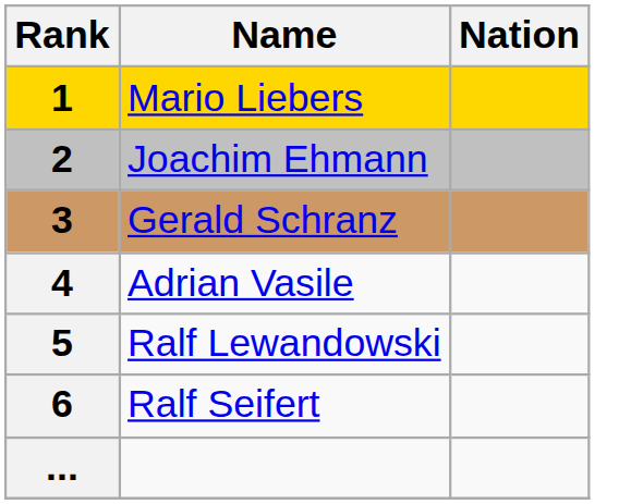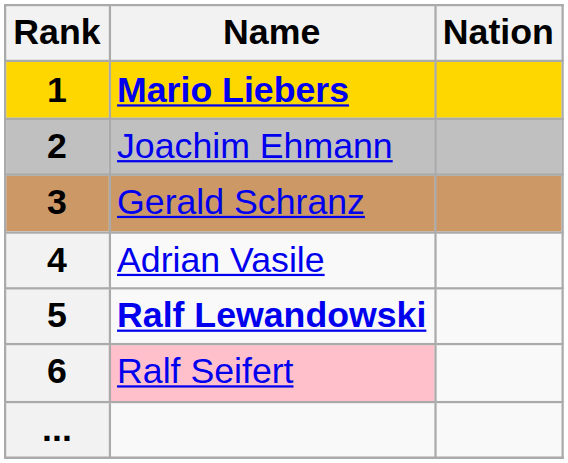 <table class="wikitable">
 <tr>
 <th>Rank</th>
 <th>Name</th>
 <th>Nation</th>
 </tr>
 <tr bgcolor="gold">
 <td align="center"><strong>1</strong></td>
-<td><a href='#'>Mario Liebers</a></td>
+<td><strong><a href='#'>Mario Liebers</a></strong></td>
 <td></td>
 </tr>
 <tr bgcolor="silver">
 <td align="center"><strong>2</strong></td>
 <td><a href='#'>Joachim Ehmann</a></td>
 <td></td>
 </tr>
 <tr bgcolor="cc9966">
 <td align="center"><strong>3</strong></td>
 <td><a href='#'>Gerald Schranz</a></td>
 <td></td>
 </tr>
 <tr>
 <th>4</th>
 <td><a href='#'>Adrian Vasile</a></td>
 <td></td>
 </tr>
 <tr>
 <th>5</th>
-<td><a href='#'>Ralf Lewandowski</a></td>
+<td><strong><a href='#'>Ralf Lewandowski</a></strong></td>
 <td></td>
 </tr>
 <tr>
 <th>6</th>
-<td><a href='#'>Ralf Seifert</a></td>
+<td style="background: pink;"><a href='#'>Ralf Seifert</a></td>
 <td></td>
 </tr>
 <tr>
 <th>...</th>
 <td></td>
 <td></td>
 </tr>
 <tr>
 </tr>
 </table>
